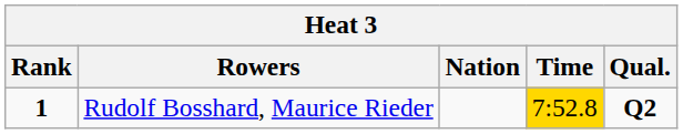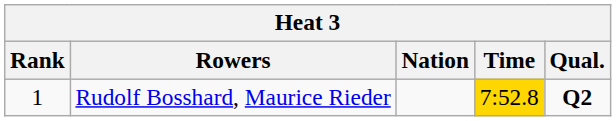 <table class="wikitable" style="text-align:center">
 <tr>
 <th colspan=5 align=center><strong>Heat 3</strong></th>
 </tr>
 <tr>
 <th>Rank</th>
 <th>Rowers</th>
 <th>Nation</th>
 <th>Time</th>
 <th>Qual.</th>
 </tr>
 <tr>
-<td><strong>1</strong></td>
+<td>1</td>
 <td align=left><a href='#'>Rudolf Bosshard</a>, <a href='#'>Maurice Rieder</a></td>
 <td align=left></td>
 <td style="background: gold;">7:52.8</td>
 <td><strong>Q2</strong></td>
 </tr>
 </table>
